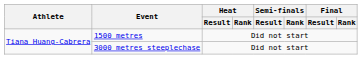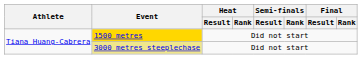 <table class="wikitable" style="font-size:90%; text-align:center">
 <tr>
 <th rowspan="2">Athlete</th>
 <th rowspan="2">Event</th>
 <th colspan="2">Heat</th>
 <th colspan="2">Semi-finals</th>
 <th colspan="2">Final</th>
 </tr>
 <tr>
 <th>Result</th>
 <th>Rank</th>
 <th>Result</th>
 <th>Rank</th>
 <th>Result</th>
 <th>Rank</th>
 </tr>
 <tr>
 <td align="left" rowspan=2><a href='#'>Tiana Huang-Cabrera</a></td>
-<td align="left"><a href='#'>1500 metres</a></td>
+<td align="left" style="background: gold;"><a href='#'>1500 metres</a></td>
 <td colspan="6">Did not start</td>
 </tr>
 <tr>
-<td align="left"><a href='#'>3000 metres steeplechase</a></td>
+<td align="left" style="background: khaki;"><a href='#'>3000 metres steeplechase</a></td>
 <td colspan="6">Did not start</td>
 </tr>
 </table>
